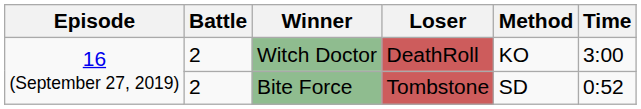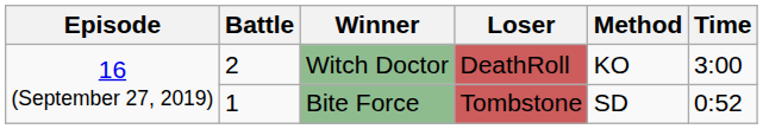 <table class="wikitable">
 <tr>
 <th>Episode</th>
 <th>Battle</th>
 <th>Winner</th>
 <th>Loser</th>
 <th>Method</th>
 <th>Time</th>
 </tr>
 <tr>
 <td style="text-align:center;" rowspan="2"><a href='#'>16</a><br><small>(September 27, 2019)</small></td>
 <td>2</td>
 <td style="background:DarkSeaGreen;">Witch Doctor</td>
 <td style="background:IndianRed;">DeathRoll</td>
 <td>KO</td>
 <td>3:00</td>
 </tr>
 <tr>
-<td>2</td>
+<td>1</td>
 <td style="background:DarkSeaGreen;">Bite Force</td>
 <td style="background:IndianRed;">Tombstone</td>
 <td>SD</td>
 <td>0:52</td>
 </tr>
 </table>
